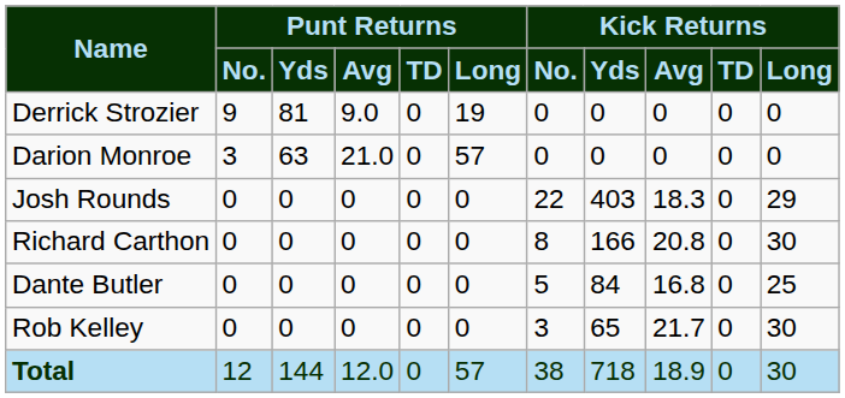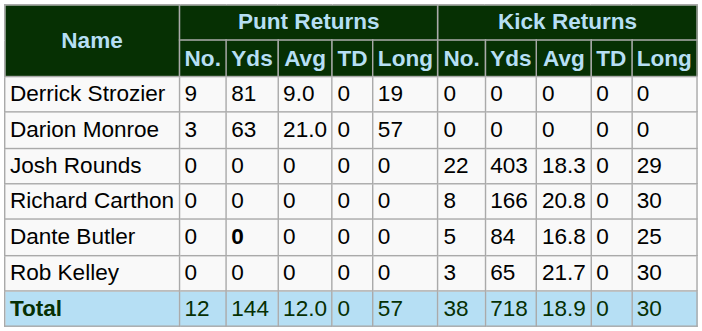 <table class="wikitable" style="white-space:nowrap;">
 <tr>
 <th style="background: #063003; color: #B6DFF4;" rowspan="2">Name</th>
 <th style="background: #063003; color: #B6DFF4;" colspan="5">Punt Returns</th>
 <th style="background: #063003; color: #B6DFF4;" colspan="5">Kick Returns</th>
 </tr>
 <tr>
 <th style="background: #063003; color: #B6DFF4;">No.</th>
 <th style="background: #063003; color: #B6DFF4;">Yds</th>
 <th style="background: #063003; color: #B6DFF4;">Avg</th>
 <th style="background: #063003; color: #B6DFF4;">TD</th>
 <th style="background: #063003; color: #B6DFF4;">Long</th>
 <th style="background: #063003; color: #B6DFF4;">No.</th>
 <th style="background: #063003; color: #B6DFF4;">Yds</th>
 <th style="background: #063003; color: #B6DFF4;">Avg</th>
 <th style="background: #063003; color: #B6DFF4;">TD</th>
 <th style="background: #063003; color: #B6DFF4;">Long</th>
 </tr>
 <tr>
 <td>Derrick Strozier</td>
 <td>9</td>
 <td>81</td>
 <td>9.0</td>
 <td>0</td>
 <td>19</td>
 <td>0</td>
 <td>0</td>
 <td>0</td>
 <td>0</td>
 <td>0</td>
 </tr>
 <tr>
 <td>Darion Monroe</td>
 <td>3</td>
 <td>63</td>
 <td>21.0</td>
 <td>0</td>
 <td>57</td>
 <td>0</td>
 <td>0</td>
 <td>0</td>
 <td>0</td>
 <td>0</td>
 </tr>
 <tr>
 <td>Josh Rounds</td>
 <td>0</td>
 <td>0</td>
 <td>0</td>
 <td>0</td>
 <td>0</td>
 <td>22</td>
 <td>403</td>
 <td>18.3</td>
 <td>0</td>
 <td>29</td>
 </tr>
 <tr>
 <td>Richard Carthon</td>
 <td>0</td>
 <td>0</td>
 <td>0</td>
 <td>0</td>
 <td>0</td>
 <td>8</td>
 <td>166</td>
 <td>20.8</td>
 <td>0</td>
 <td>30</td>
 </tr>
 <tr>
 <td>Dante Butler</td>
 <td>0</td>
-<td>0</td>
+<td><strong>0</strong></td>
 <td>0</td>
 <td>0</td>
 <td>0</td>
 <td>5</td>
 <td>84</td>
 <td>16.8</td>
 <td>0</td>
 <td>25</td>
 </tr>
 <tr>
 <td>Rob Kelley</td>
 <td>0</td>
 <td>0</td>
 <td>0</td>
 <td>0</td>
 <td>0</td>
 <td>3</td>
 <td>65</td>
 <td>21.7</td>
 <td>0</td>
 <td>30</td>
 </tr>
 <tr style="background: #B6DFF4; color: #063003;">
 <td><strong>Total</strong></td>
 <td>12</td>
 <td>144</td>
 <td>12.0</td>
 <td>0</td>
 <td>57</td>
 <td>38</td>
 <td>718</td>
 <td>18.9</td>
 <td>0</td>
 <td>30</td>
 </tr>
 </table>
